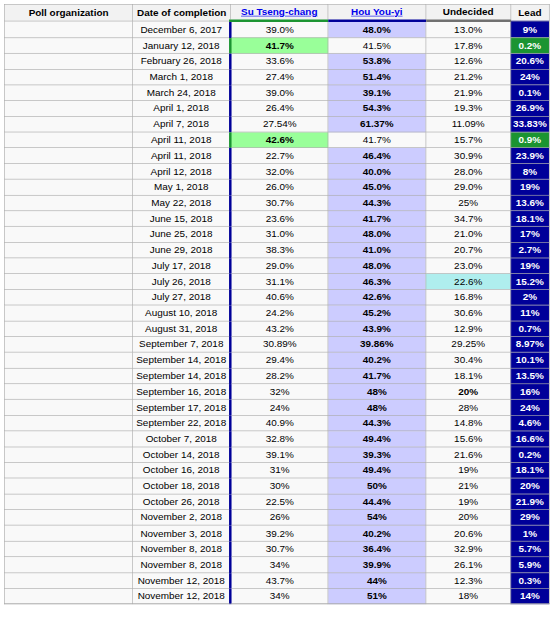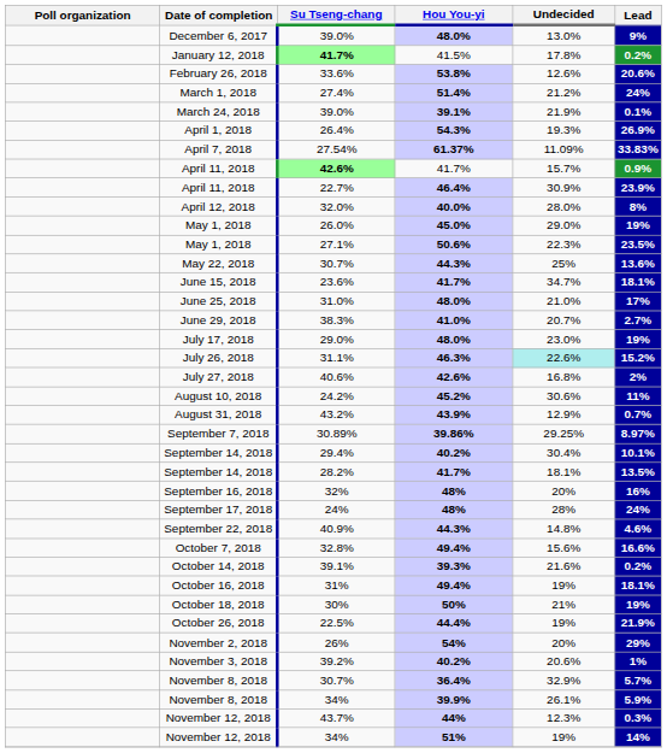 <table class="wikitable collapsible autocollapse" style="text-align:center">
 <tr style="background-color:# E9E9E9">
 <th style="width:200px;">Poll organization</th>
 <th style="width:150px;">Date of completion</th>
 <th style="width:150px; border-bottom:4px solid #1B9431;"> <a href='#'>Su Tseng-chang</a></th>
 <th style="width:150px; border-bottom:4px solid #000099;"> <a href='#'>Hou You-yi</a></th>
 <th style="width:130px; border-bottom:4px solid #707070;"> Undecided</th>
 <th style="width:40px;">Lead</th>
 </tr>
 <tr>
 <td></td>
 <td>December 6, 2017</td>
 <td style="border-left:4px solid #000099;">39.0%</td>
 <td style="background-color:#CCCCFF;"><strong>48.0%</strong></td>
 <td>13.0%</td>
 <td style="background:#000099; color:white"><strong>9%</strong></td>
 </tr>
 <tr>
 <td></td>
 <td>January 12, 2018</td>
 <td style="background-color:#99FF99; border-left:4px solid #1B9431;"><strong>41.7%</strong></td>
 <td>41.5%</td>
 <td>17.8%</td>
 <td style="background:#1B9431; color:white"><strong>0.2%</strong></td>
 </tr>
 <tr>
 <td></td>
 <td>February 26, 2018</td>
 <td style="border-left:4px solid #000099;">33.6%</td>
 <td style="background-color:#CCCCFF;"><strong>53.8%</strong></td>
 <td>12.6%</td>
 <td style="background:#000099; color:white"><strong>20.6%</strong></td>
 </tr>
 <tr>
 <td></td>
 <td>March 1, 2018</td>
 <td style="border-left:4px solid #000099;">27.4%</td>
 <td style="background-color:#CCCCFF;"><strong>51.4%</strong></td>
 <td>21.2%</td>
 <td style="background:#000099; color:white"><strong>24%</strong></td>
 </tr>
 <tr>
 <td></td>
 <td>March 24, 2018</td>
 <td style="border-left:4px solid #000099;">39.0%</td>
 <td style="background-color:#CCCCFF;"><strong>39.1%</strong></td>
 <td>21.9%</td>
 <td style="background:#000099; color:white"><strong>0.1%</strong></td>
 </tr>
 <tr>
 <td></td>
 <td>April 1, 2018</td>
 <td style="border-left:4px solid #000099;">26.4%</td>
 <td style="background-color:#CCCCFF;"><strong>54.3%</strong></td>
 <td>19.3%</td>
 <td style="background:#000099; color:white"><strong>26.9%</strong></td>
 </tr>
 <tr>
 <td></td>
 <td>April 7, 2018</td>
 <td style="border-left:4px solid #000099;">27.54%</td>
 <td style="background-color:#CCCCFF;"><strong>61.37%</strong></td>
 <td>11.09%</td>
 <td style="background:#000099; color:white"><strong>33.83%</strong></td>
 </tr>
 <tr>
 <td></td>
 <td>April 11, 2018</td>
 <td style="background-color:#99FF99; border-left:4px solid #1B9431;"><strong>42.6%</strong></td>
 <td>41.7%</td>
 <td>15.7%</td>
 <td style="background:#1B9431; color:white"><strong>0.9%</strong></td>
 </tr>
 <tr>
 <td></td>
 <td>April 11, 2018</td>
 <td style="border-left:4px solid #000099;">22.7%</td>
 <td style="background-color:#CCCCFF;"><strong>46.4%</strong></td>
 <td>30.9%</td>
 <td style="background:#000099; color:white"><strong>23.9%</strong></td>
 </tr>
 <tr>
 <td></td>
 <td>April 12, 2018</td>
 <td style="border-left:4px solid #000099;">32.0%</td>
 <td style="background-color:#CCCCFF;"><strong>40.0%</strong></td>
 <td>28.0%</td>
 <td style="background:#000099; color:white"><strong>8%</strong></td>
 </tr>
 <tr>
 <td></td>
 <td>May 1, 2018</td>
 <td style="border-left:4px solid #000099;">26.0%</td>
 <td style="background-color:#CCCCFF;"><strong>45.0%</strong></td>
 <td>29.0%</td>
 <td style="background:#000099; color:white"><strong>19%</strong></td>
+</tr>
+<tr>
+<td></td>
+<td>May 1, 2018</td>
+<td style="border-left:4px solid #000099;">27.1%</td>
+<td style="background-color:#CCCCFF;"><strong>50.6%</strong></td>
+<td>22.3%</td>
+<td style="background:#000099; color:white"><strong>23.5%</strong></td>
 </tr>
 <tr>
 <td></td>
 <td>May 22, 2018</td>
 <td style="border-left:4px solid #000099;">30.7%</td>
 <td style="background-color:#CCCCFF;"><strong>44.3%</strong></td>
 <td>25%</td>
 <td style="background:#000099; color:white"><strong>13.6%</strong></td>
 </tr>
 <tr>
 <td></td>
 <td>June 15, 2018</td>
 <td style="border-left:4px solid #000099;">23.6%</td>
 <td style="background-color:#CCCCFF;"><strong>41.7%</strong></td>
 <td>34.7%</td>
 <td style="background:#000099; color:white"><strong>18.1%</strong></td>
 </tr>
 <tr>
 <td></td>
 <td>June 25, 2018</td>
 <td style="border-left:4px solid #000099;">31.0%</td>
 <td style="background-color:#CCCCFF;"><strong>48.0%</strong></td>
 <td>21.0%</td>
 <td style="background:#000099; color:white"><strong>17%</strong></td>
 </tr>
 <tr>
 <td></td>
 <td>June 29, 2018</td>
 <td style="border-left:4px solid #000099;">38.3%</td>
 <td style="background-color:#CCCCFF;"><strong>41.0%</strong></td>
 <td>20.7%</td>
 <td style="background:#000099; color:white"><strong>2.7%</strong></td>
 </tr>
 <tr>
 <td></td>
 <td>July 17, 2018</td>
 <td style="border-left:4px solid #000099;">29.0%</td>
 <td style="background-color:#CCCCFF;"><strong>48.0%</strong></td>
 <td>23.0%</td>
 <td style="background:#000099; color:white"><strong>19%</strong></td>
 </tr>
 <tr>
 <td></td>
 <td>July 26, 2018</td>
 <td style="border-left:4px solid #000099;">31.1%</td>
 <td style="background-color:#CCCCFF;"><strong>46.3%</strong></td>
 <td style="background: paleturquoise;">22.6%</td>
 <td style="background:#000099; color:white"><strong>15.2%</strong></td>
 </tr>
 <tr>
 <td></td>
 <td>July 27, 2018</td>
 <td style="border-left:4px solid #000099;">40.6%</td>
 <td style="background-color:#CCCCFF;"><strong>42.6%</strong></td>
 <td>16.8%</td>
 <td style="background:#000099; color:white"><strong>2%</strong></td>
 </tr>
 <tr>
 <td></td>
 <td>August 10, 2018</td>
 <td style="border-left:4px solid #000099;">24.2%</td>
 <td style="background-color:#CCCCFF;"><strong>45.2%</strong></td>
 <td>30.6%</td>
 <td style="background:#000099; color:white"><strong>11%</strong></td>
 </tr>
 <tr>
 <td></td>
 <td>August 31, 2018</td>
 <td style="border-left:4px solid #000099;">43.2%</td>
 <td style="background-color:#CCCCFF;"><strong>43.9%</strong></td>
 <td>12.9%</td>
 <td style="background:#000099; color:white"><strong>0.7%</strong></td>
 </tr>
 <tr>
 <td></td>
 <td>September 7, 2018</td>
 <td style="border-left:4px solid #000099;">30.89%</td>
 <td style="background-color:#CCCCFF;"><strong>39.86%</strong></td>
 <td>29.25%</td>
 <td style="background:#000099; color:white"><strong>8.97%</strong></td>
 </tr>
 <tr>
 <td> </td>
 <td>September 14, 2018</td>
 <td style="border-left:4px solid #000099;">29.4%</td>
 <td style="background-color:#CCCCFF;"><strong>40.2%</strong></td>
 <td>30.4%</td>
 <td style="background:#000099; color:white"><strong>10.1%</strong></td>
 </tr>
 <tr>
 <td></td>
 <td>September 14, 2018</td>
 <td style="border-left:4px solid #000099;">28.2%</td>
 <td style="background-color:#CCCCFF;"><strong>41.7%</strong></td>
 <td>18.1%</td>
 <td style="background:#000099; color:white"><strong>13.5%</strong></td>
 </tr>
 <tr>
 <td></td>
 <td>September 16, 2018</td>
 <td style="border-left:4px solid #000099;">32%</td>
 <td style="background-color:#CCCCFF;"><strong>48%</strong></td>
-<td><strong>20%</strong></td>
+<td>20%</td>
 <td style="background:#000099; color:white"><strong>16%</strong></td>
 </tr>
 <tr>
 <td></td>
 <td>September 17, 2018</td>
 <td style="border-left:4px solid #000099;">24%</td>
 <td style="background-color:#CCCCFF;"><strong>48%</strong></td>
 <td>28%</td>
 <td style="background:#000099; color:white"><strong>24%</strong></td>
 </tr>
 <tr>
 <td></td>
 <td>September 22, 2018</td>
 <td style="border-left:4px solid #000099;">40.9%</td>
 <td style="background-color:#CCCCFF;"><strong>44.3%</strong></td>
 <td>14.8%</td>
 <td style="background:#000099; color:white"><strong>4.6%</strong></td>
 </tr>
 <tr>
 <td></td>
 <td>October 7, 2018</td>
 <td style="border-left:4px solid #000099;">32.8%</td>
 <td style="background-color:#CCCCFF;"><strong>49.4%</strong></td>
 <td>15.6%</td>
 <td style="background:#000099; color:white"><strong>16.6%</strong></td>
 </tr>
 <tr>
 <td> </td>
 <td>October 14, 2018</td>
 <td style="border-left:4px solid #000099;">39.1%</td>
 <td style="background-color:#CCCCFF;"><strong>39.3%</strong></td>
 <td>21.6%</td>
 <td style="background:#000099; color:white"><strong>0.2%</strong></td>
 </tr>
 <tr>
 <td></td>
 <td>October 16, 2018</td>
 <td style="border-left:4px solid #000099;">31%</td>
 <td style="background-color:#CCCCFF;"><strong>49.4%</strong></td>
 <td>19%</td>
 <td style="background:#000099; color:white"><strong>18.1%</strong></td>
 </tr>
 <tr>
 <td></td>
 <td>October 18, 2018</td>
 <td style="border-left:4px solid #000099;">30%</td>
 <td style="background-color:#CCCCFF;"><strong>50%</strong></td>
 <td>21%</td>
-<td style="background:#000099; color:white"><strong>20%</strong></td>
+<td style="background:#000099; color:white"><strong>19%</strong></td>
 </tr>
 <tr>
 <td></td>
 <td>October 26, 2018</td>
 <td style="border-left:4px solid #000099;">22.5%</td>
 <td style="background-color:#CCCCFF;"><strong>44.4%</strong></td>
 <td>19%</td>
 <td style="background:#000099; color:white"><strong>21.9%</strong></td>
 </tr>
 <tr>
 <td> </td>
 <td>November 2, 2018</td>
 <td style="border-left:4px solid #000099;">26%</td>
 <td style="background-color:#CCCCFF;"><strong>54%</strong></td>
 <td>20%</td>
 <td style="background:#000099; color:white"><strong>29%</strong></td>
 </tr>
 <tr>
 <td></td>
 <td>November 3, 2018</td>
 <td style="border-left:4px solid #000099;">39.2%</td>
 <td style="background-color:#CCCCFF;"><strong>40.2%</strong></td>
 <td>20.6%</td>
 <td style="background:#000099; color:white"><strong>1%</strong></td>
 </tr>
 <tr>
 <td> </td>
 <td>November 8, 2018</td>
 <td style="border-left:4px solid #000099;">30.7%</td>
 <td style="background-color:#CCCCFF;"><strong>36.4%</strong></td>
 <td>32.9%</td>
 <td style="background:#000099; color:white"><strong>5.7%</strong></td>
 </tr>
 <tr>
 <td></td>
 <td>November 8, 2018</td>
 <td style="border-left:4px solid #000099;">34%</td>
 <td style="background-color:#CCCCFF;"><strong>39.9%</strong></td>
 <td>26.1%</td>
 <td style="background:#000099; color:white"><strong>5.9%</strong></td>
 </tr>
 <tr>
 <td></td>
 <td>November 12, 2018</td>
 <td style="border-left:4px solid #000099;">43.7%</td>
 <td style="background-color:#CCCCFF;"><strong>44%</strong></td>
 <td>12.3%</td>
 <td style="background:#000099; color:white"><strong>0.3%</strong></td>
 </tr>
 <tr>
 <td></td>
 <td>November 12, 2018</td>
 <td style="border-left:4px solid #000099;">34%</td>
 <td style="background-color:#CCCCFF;"><strong>51%</strong></td>
-<td>18%</td>
+<td>19%</td>
 <td style="background:#000099; color:white"><strong>14%</strong></td>
 </tr>
 <tr>
 </tr>
 </table>
